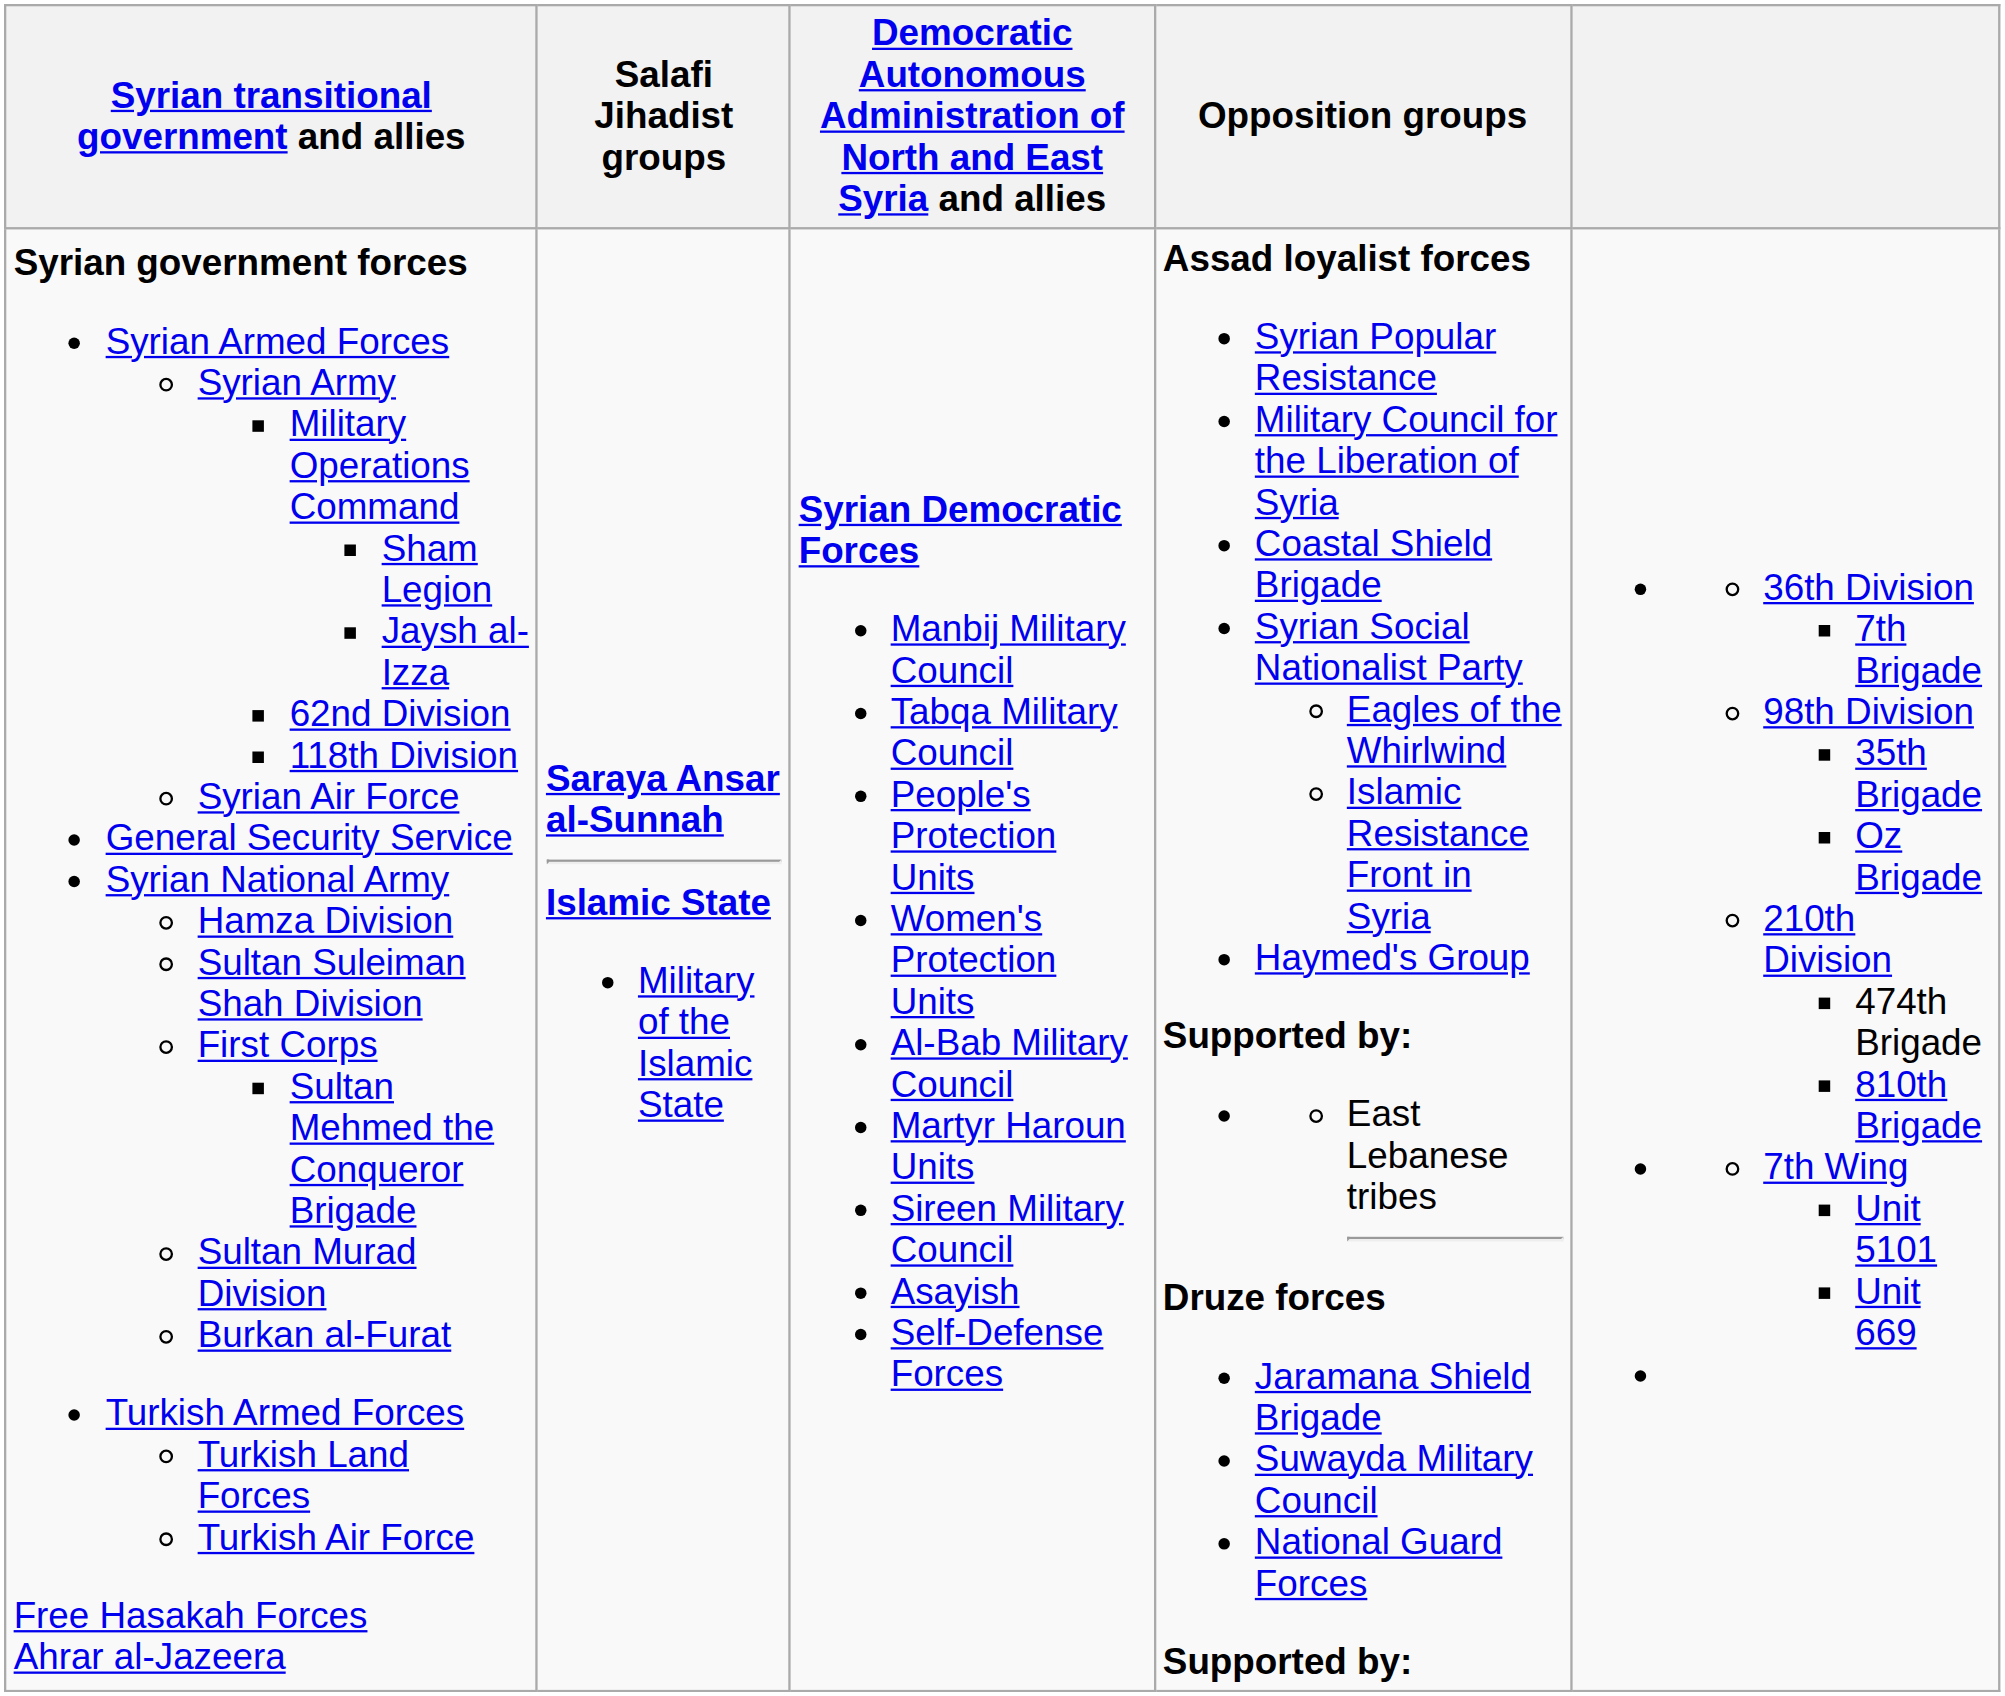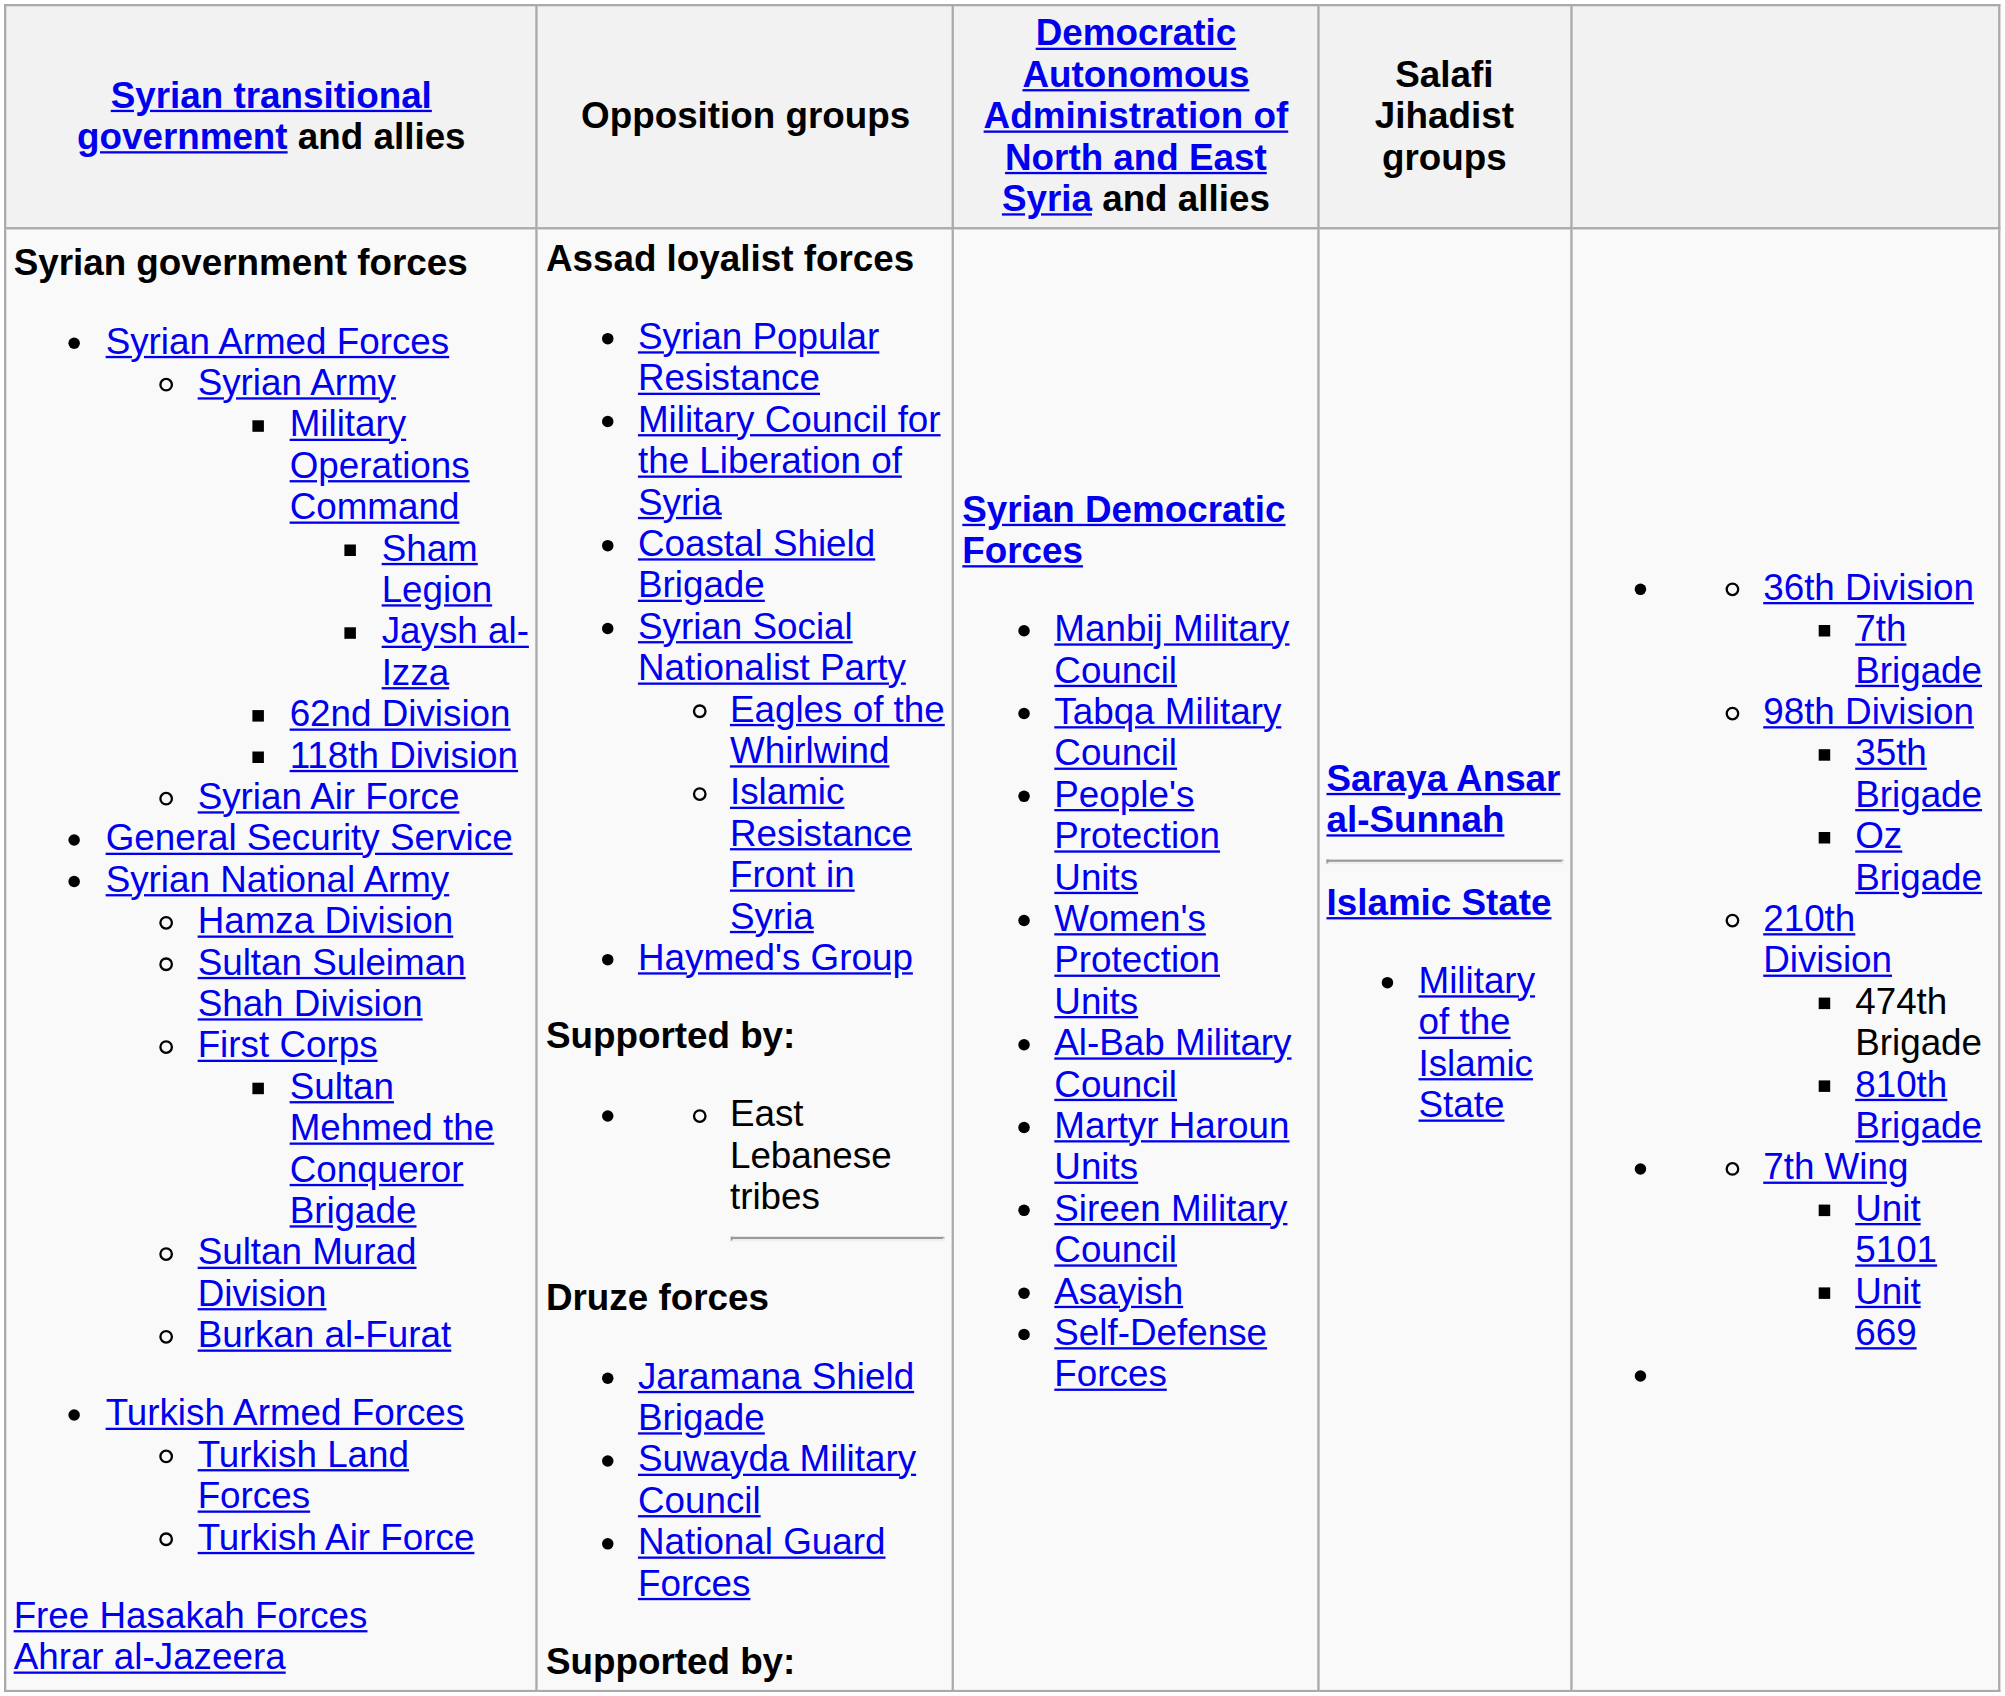 <table class="wikitable">
 <tr>
 <th> <a href='#'>Syrian transitional government</a> and allies</th>
+<th> Opposition groups</th>
+<th> <a href='#'>Democratic Autonomous Administration of North and East Syria</a> and allies</th>
 <th> Salafi Jihadist groups</th>
-<th> <a href='#'>Democratic Autonomous Administration of North and East Syria</a> and allies</th>
-<th> Opposition groups</th>
 <th></th>
 </tr>
 <tr>
 <td> <strong>Syrian government forces</strong><br><ul><li> <a href='#'>Syrian Armed Forces</a><ul><li> <a href='#'>Syrian Army</a><ul><li> <a href='#'>Military Operations Command</a><ul><li> <a href='#'>Sham Legion</a></li><li> <a href='#'>Jaysh al-Izza</a></li></ul></li><li><a href='#'>62nd Division</a></li><li><a href='#'>118th Division</a></li></ul></li><li> <a href='#'>Syrian Air Force</a></li></ul></li><li> <a href='#'>General Security Service</a></li><li> <a href='#'>Syrian National Army</a><ul><li> <a href='#'>Hamza Division</a></li><li> <a href='#'>Sultan Suleiman Shah Division</a></li><li><a href='#'>First Corps</a><ul><li><a href='#'>Sultan Mehmed the Conqueror Brigade</a></li></ul></li><li> <a href='#'>Sultan Murad Division</a></li><li> <a href='#'>Burkan al-Furat</a></li></ul></li></ul><strong></strong> <ul><li> <a href='#'>Turkish Armed Forces</a><ul><li> <a href='#'>Turkish Land Forces</a></li><li> <a href='#'>Turkish Air Force</a></li></ul></li></ul><a href='#'>Free Hasakah Forces</a> <br><a href='#'>Ahrar al-Jazeera</a> </td>
+<td> <strong>Assad loyalist forces</strong><br><ul><li> <a href='#'>Syrian Popular Resistance</a></li><li> <a href='#'>Military Council for the Liberation of Syria</a></li><li> <a href='#'>Coastal Shield Brigade</a></li><li> <a href='#'>Syrian Social Nationalist Party</a><ul><li> <a href='#'>Eagles of the Whirlwind</a></li><li> <a href='#'>Islamic Resistance Front in Syria</a></li></ul></li><li> <a href='#'>Haymed's Group</a></li></ul><strong>Supported by:</strong><ul><li><ul><li> East Lebanese tribes<hr></li></ul></li></ul> <strong>Druze forces</strong><ul><li> <a href='#'>Jaramana Shield Brigade</a></li><li> <a href='#'>Suwayda Military Council</a></li><li> <a href='#'>National Guard Forces</a></li></ul><strong>Supported by:</strong><br> </td>
+<td> <strong><a href='#'>Syrian Democratic Forces</a></strong> <br><ul><li> <a href='#'>Manbij Military Council</a></li><li><a href='#'>Tabqa Military Council</a></li><li> <a href='#'>People's Protection Units</a></li><li> <a href='#'>Women's Protection Units</a></li><li> <a href='#'>Al-Bab Military Council</a></li><li><a href='#'>Martyr Haroun Units</a></li><li><a href='#'>Sireen Military Council</a></li><li><a href='#'>Asayish</a></li><li> <a href='#'>Self-Defense Forces</a></li></ul></td>
 <td> <strong><a href='#'>Saraya Ansar al-Sunnah</a></strong><hr> <strong><a href='#'>Islamic State</a></strong><br><ul><li> <a href='#'>Military of the Islamic State</a></li></ul></td>
-<td> <strong><a href='#'>Syrian Democratic Forces</a></strong> <br><ul><li> <a href='#'>Manbij Military Council</a></li><li><a href='#'>Tabqa Military Council</a></li><li> <a href='#'>People's Protection Units</a></li><li> <a href='#'>Women's Protection Units</a></li><li> <a href='#'>Al-Bab Military Council</a></li><li><a href='#'>Martyr Haroun Units</a></li><li><a href='#'>Sireen Military Council</a></li><li><a href='#'>Asayish</a></li><li> <a href='#'>Self-Defense Forces</a></li></ul></td>
-<td> <strong>Assad loyalist forces</strong><br><ul><li> <a href='#'>Syrian Popular Resistance</a></li><li> <a href='#'>Military Council for the Liberation of Syria</a></li><li> <a href='#'>Coastal Shield Brigade</a></li><li> <a href='#'>Syrian Social Nationalist Party</a><ul><li> <a href='#'>Eagles of the Whirlwind</a></li><li> <a href='#'>Islamic Resistance Front in Syria</a></li></ul></li><li> <a href='#'>Haymed's Group</a></li></ul><strong>Supported by:</strong><ul><li><ul><li> East Lebanese tribes<hr></li></ul></li></ul> <strong>Druze forces</strong><ul><li> <a href='#'>Jaramana Shield Brigade</a></li><li> <a href='#'>Suwayda Military Council</a></li><li> <a href='#'>National Guard Forces</a></li></ul><strong>Supported by:</strong><br> </td>
 <td><strong></strong><br><ul><li><ul><li> <a href='#'>36th Division</a><ul><li> <a href='#'>7th Brigade</a></li></ul></li><li> <a href='#'>98th Division</a><ul><li> <a href='#'>35th Brigade</a></li><li> <a href='#'>Oz Brigade</a></li></ul></li><li> <a href='#'>210th Division</a><ul><li> 474th Brigade</li><li> <a href='#'>810th Brigade</a></li></ul></li></ul></li><li><ul><li> <a href='#'>7th Wing</a><ul><li> <a href='#'>Unit 5101</a></li><li> <a href='#'>Unit 669</a></li></ul></li></ul></li><li></li></ul></td>
 </tr>
 </table>
